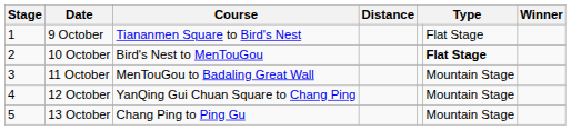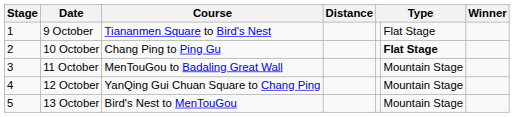 <table class="wikitable">
 <tr>
 <th>Stage</th>
 <th>Date</th>
 <th>Course</th>
 <th>Distance</th>
 <th colspan="2">Type</th>
 <th>Winner</th>
 </tr>
 <tr>
 <td>1</td>
 <td>9 October</td>
 <td><a href='#'>Tiananmen Square</a> to <a href='#'>Bird's Nest</a></td>
 <td align="center"></td>
 <td></td>
 <td>Flat Stage</td>
 <td></td>
 </tr>
 <tr>
 <td>2</td>
 <td>10 October</td>
-<td>Bird's Nest to <a href='#'>MenTouGou</a></td>
+<td>Chang Ping to <a href='#'>Ping Gu</a></td>
 <td align="center"></td>
 <td></td>
 <td><strong>Flat Stage</strong></td>
 <td></td>
 </tr>
 <tr>
 <td>3</td>
 <td>11 October</td>
 <td>MenTouGou to <a href='#'>Badaling Great Wall</a></td>
 <td align="center"></td>
 <td></td>
 <td>Mountain Stage</td>
 <td></td>
 </tr>
 <tr>
 <td>4</td>
 <td>12 October</td>
 <td>YanQing Gui Chuan Square to <a href='#'>Chang Ping</a></td>
 <td align="center"></td>
 <td></td>
 <td>Mountain Stage</td>
 <td></td>
 </tr>
 <tr>
 <td>5</td>
 <td>13 October</td>
-<td>Chang Ping to <a href='#'>Ping Gu</a></td>
+<td>Bird's Nest to <a href='#'>MenTouGou</a></td>
 <td align="center"></td>
 <td></td>
 <td>Mountain Stage</td>
 <td></td>
 </tr>
 </table>
